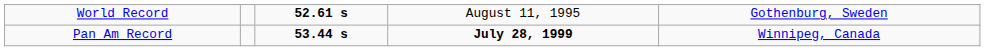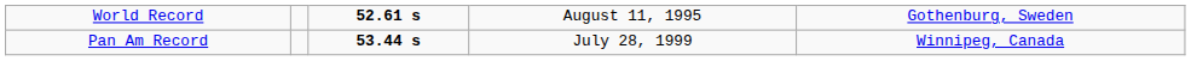 <table class="wikitable" style=" text-align:center; font-size:95%;" width="75%">
 <tr>
 <td><a href='#'>World Record</a></td>
 <td></td>
 <td><strong>52.61 s </strong></td>
 <td>August 11, 1995</td>
 <td> <a href='#'>Gothenburg, Sweden</a></td>
 </tr>
 <tr>
 <td><a href='#'>Pan Am Record</a></td>
 <td></td>
 <td><strong>53.44 s </strong></td>
-<td><strong>July 28, 1999</strong></td>
+<td>July 28, 1999</td>
 <td> <a href='#'>Winnipeg, Canada</a></td>
 </tr>
 </table>
